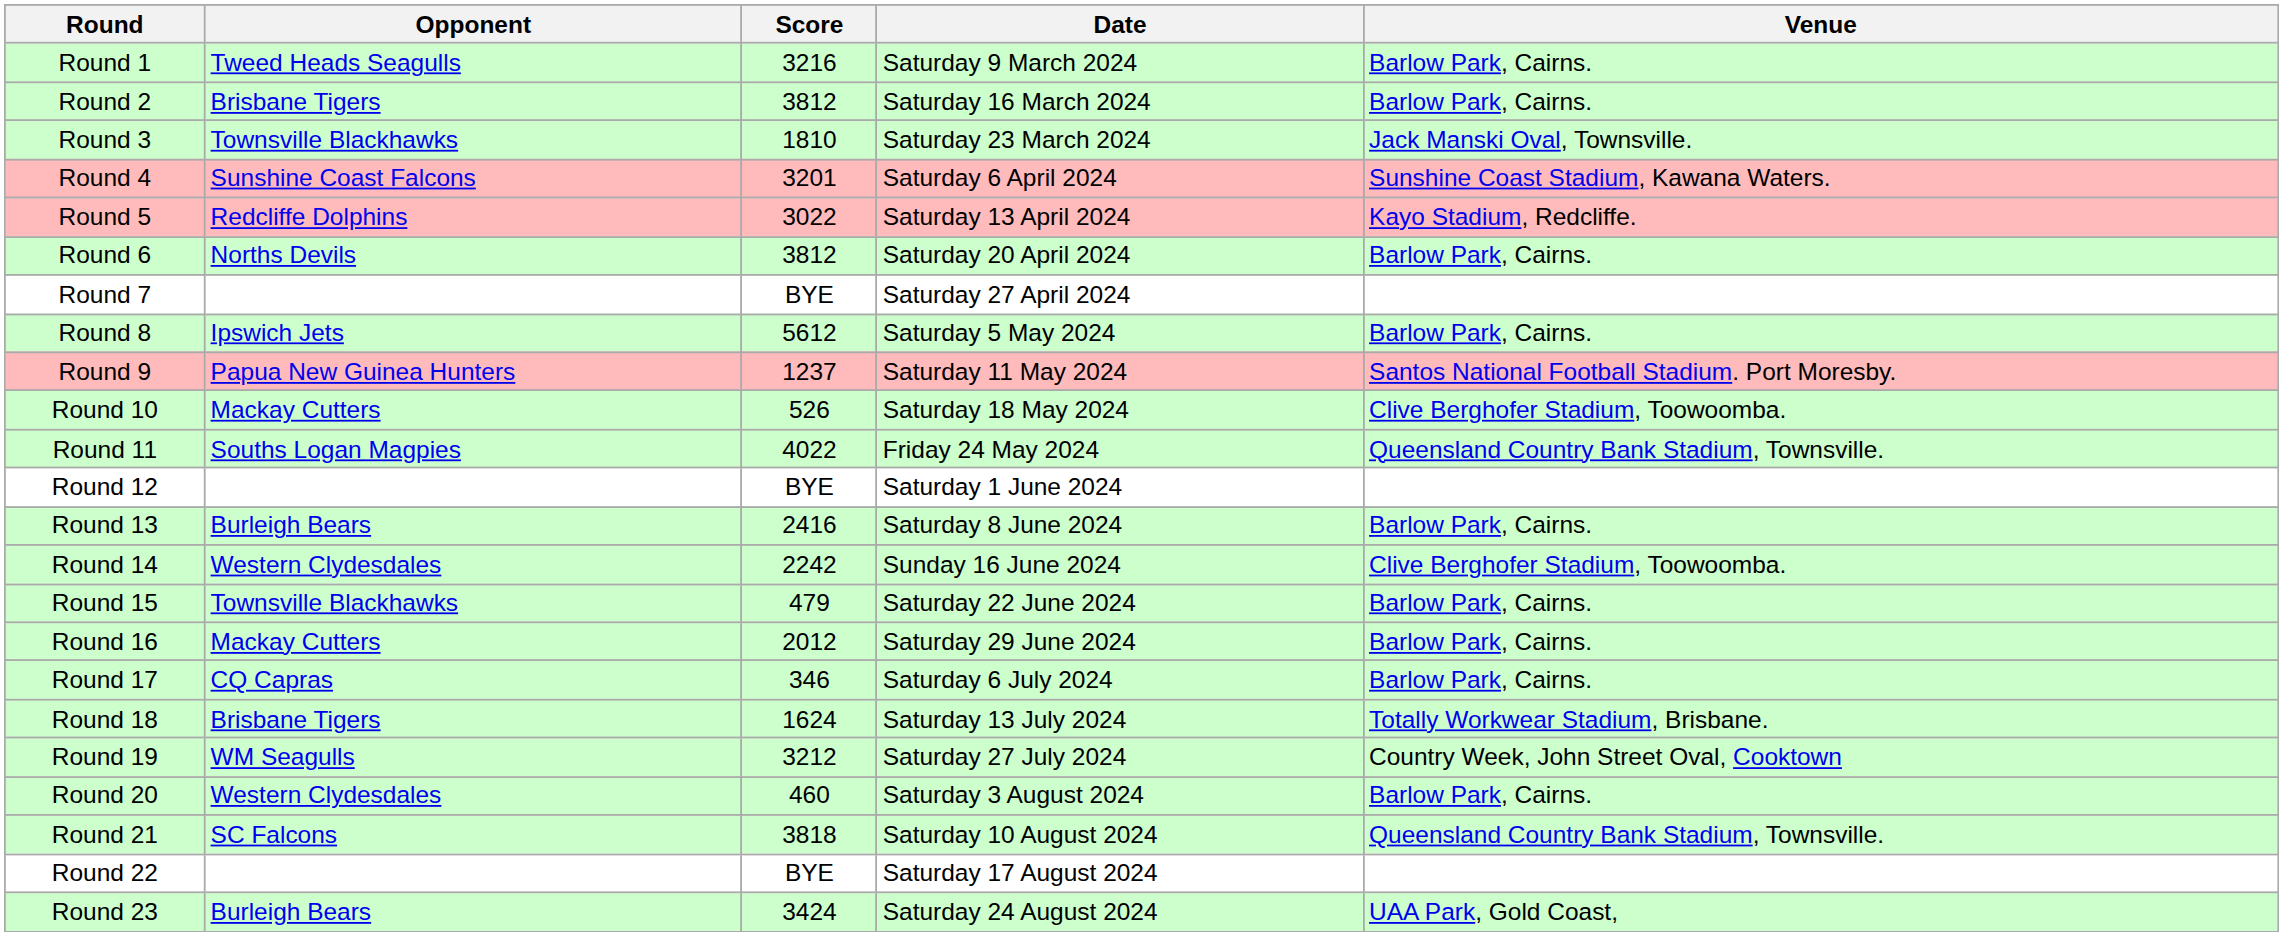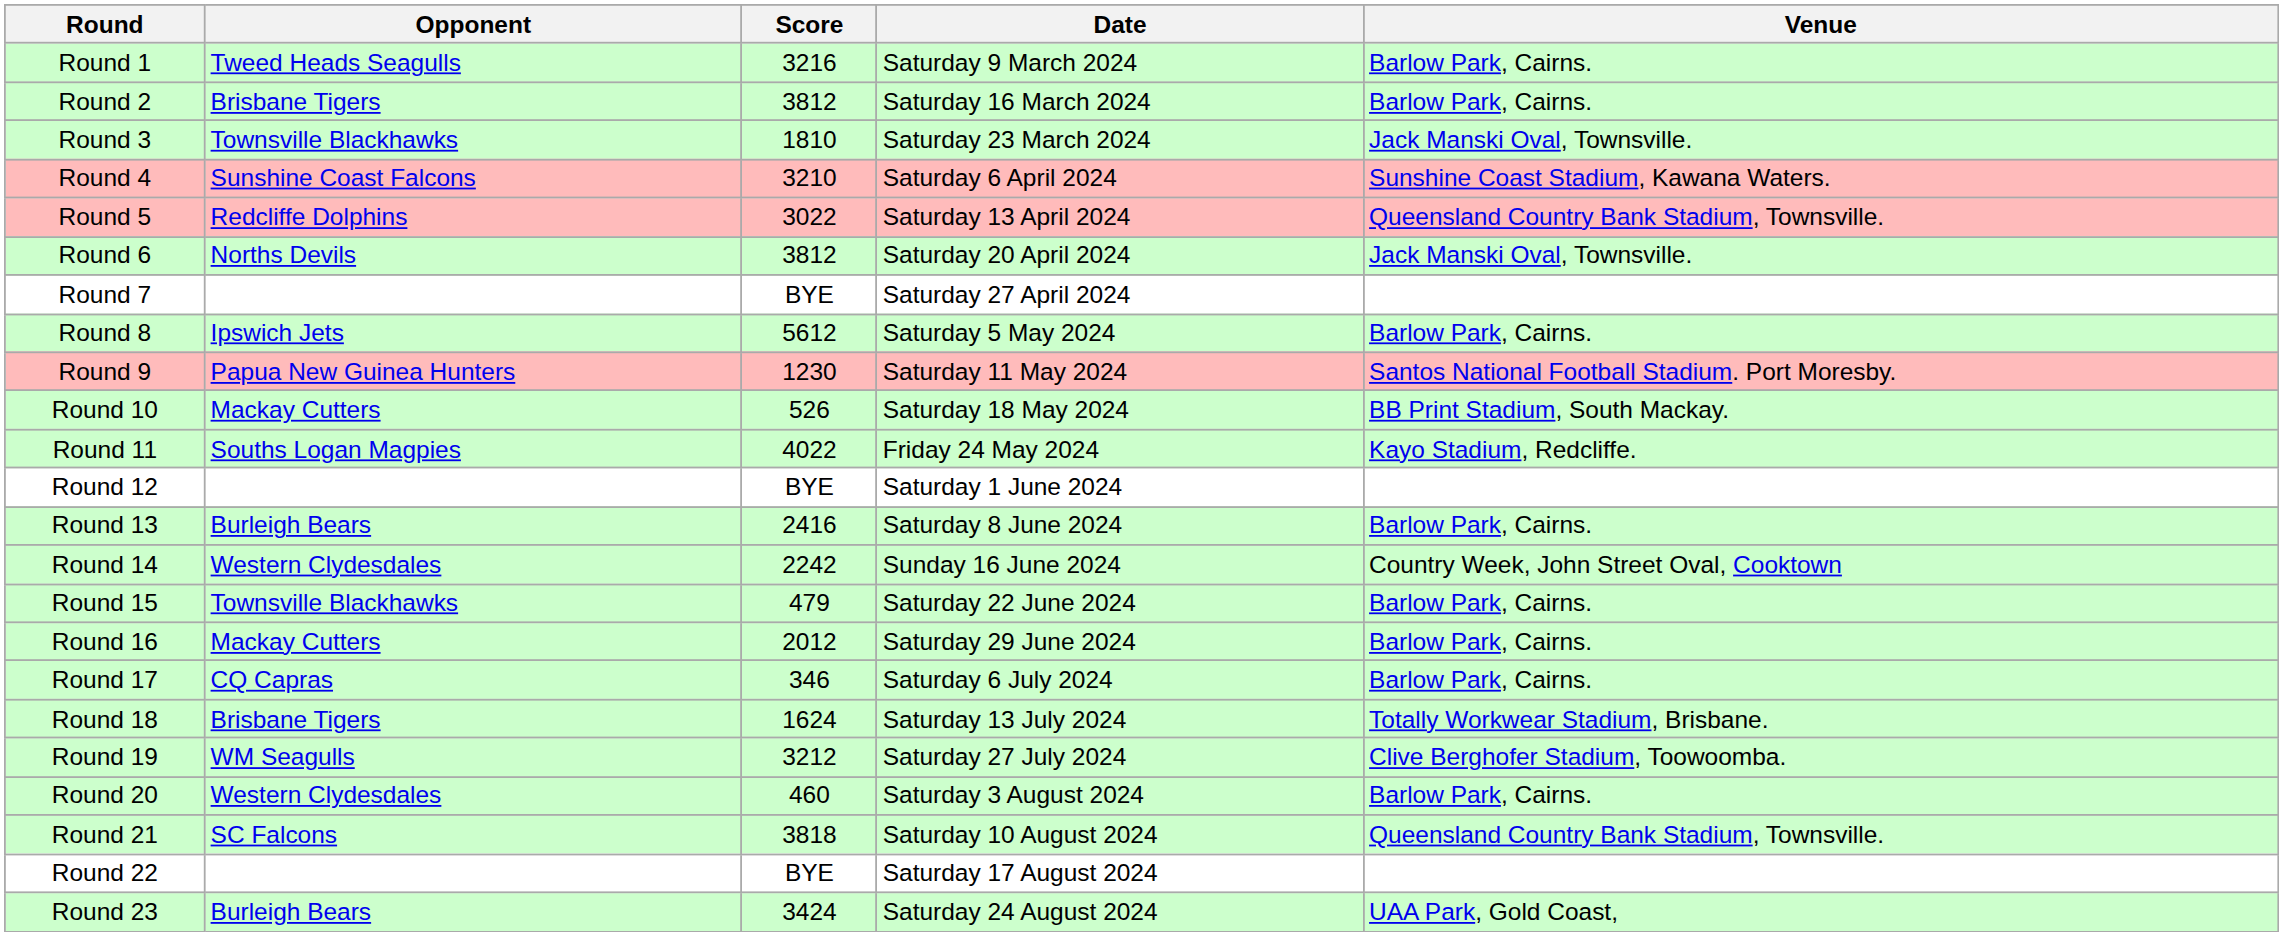 <table class="wikitable" style="font-size:85%; bgcolor:#d6d6d6; width:100%;">
 <tr>
 <th width="">Round</th>
 <th width="">Opponent</th>
 <th width="">Score</th>
 <th width="">Date</th>
 <th width="">Venue</th>
 </tr>
 <tr bgcolor=#CCFFCC>
 <td style="text-align:center;">Round 1</td>
 <td> <a href='#'>Tweed Heads Seagulls</a></td>
 <td style="text-align:center;">3216</td>
 <td>Saturday 9 March 2024</td>
 <td><a href='#'>Barlow Park</a>, Cairns.</td>
 </tr>
 <tr bgcolor=#CCFFCC>
 <td style="text-align:center;">Round 2</td>
 <td> <a href='#'>Brisbane Tigers</a></td>
 <td style="text-align:center;">3812</td>
 <td>Saturday 16 March 2024</td>
 <td><a href='#'>Barlow Park</a>, Cairns.</td>
 </tr>
 <tr bgcolor=#CCFFCC>
 <td style="text-align:center;">Round 3</td>
 <td> <a href='#'>Townsville Blackhawks</a></td>
 <td style="text-align:center;">1810</td>
 <td>Saturday 23 March 2024</td>
 <td><a href='#'>Jack Manski Oval</a>, Townsville.</td>
 </tr>
 <tr bgcolor=#FFBBBB>
 <td style="text-align:center;">Round 4</td>
 <td> <a href='#'>Sunshine Coast Falcons</a></td>
-<td style="text-align:center;">3201</td>
+<td style="text-align:center;">3210</td>
 <td>Saturday 6 April 2024</td>
 <td><a href='#'>Sunshine Coast Stadium</a>, Kawana Waters.</td>
 </tr>
 <tr bgcolor=#FFBBBB>
 <td style="text-align:center;">Round 5</td>
 <td> <a href='#'>Redcliffe Dolphins</a></td>
 <td style="text-align:center;">3022</td>
 <td>Saturday 13 April 2024</td>
-<td><a href='#'>Kayo Stadium</a>, Redcliffe.</td>
+<td><a href='#'>Queensland Country Bank Stadium</a>, Townsville.</td>
 </tr>
 <tr bgcolor=#CCFFCC>
 <td style="text-align:center;">Round 6</td>
 <td> <a href='#'>Norths Devils</a></td>
 <td style="text-align:center;">3812</td>
 <td>Saturday 20 April 2024</td>
-<td><a href='#'>Barlow Park</a>, Cairns.</td>
+<td><a href='#'>Jack Manski Oval</a>, Townsville.</td>
 </tr>
 <tr bgcolor=#FFFFFF>
 <td style="text-align:center;">Round 7</td>
 <td></td>
 <td style="text-align:center;">BYE</td>
 <td>Saturday 27 April 2024</td>
 <td></td>
 </tr>
 <tr bgcolor=#CCFFCC>
 <td style="text-align:center;">Round 8</td>
 <td> <a href='#'>Ipswich Jets</a></td>
 <td style="text-align:center;">5612</td>
 <td>Saturday 5 May 2024</td>
 <td><a href='#'>Barlow Park</a>, Cairns.</td>
 </tr>
 <tr bgcolor=#FFBBBB>
 <td style="text-align:center;">Round 9</td>
 <td> <a href='#'>Papua New Guinea Hunters</a></td>
-<td style="text-align:center;">1237</td>
+<td style="text-align:center;">1230</td>
 <td>Saturday 11 May 2024</td>
 <td><a href='#'>Santos National Football Stadium</a>. Port Moresby.</td>
 </tr>
 <tr bgcolor=#CCFFCC>
 <td style="text-align:center;">Round 10</td>
 <td> <a href='#'>Mackay Cutters</a></td>
 <td style="text-align:center;">526</td>
 <td>Saturday 18 May 2024</td>
-<td><a href='#'>Clive Berghofer Stadium</a>, Toowoomba.</td>
+<td><a href='#'>BB Print Stadium</a>, South Mackay.</td>
 </tr>
 <tr bgcolor=#CCFFCC>
 <td style="text-align:center;">Round 11</td>
 <td> <a href='#'>Souths Logan Magpies</a></td>
 <td style="text-align:center;">4022</td>
 <td>Friday 24 May 2024</td>
-<td><a href='#'>Queensland Country Bank Stadium</a>, Townsville.</td>
+<td><a href='#'>Kayo Stadium</a>, Redcliffe.</td>
 </tr>
 <tr bgcolor=#FFFFFF>
 <td style="text-align:center;">Round 12</td>
 <td></td>
 <td style="text-align:center;">BYE</td>
 <td>Saturday 1 June 2024</td>
 <td></td>
 </tr>
 <tr bgcolor=#CCFFCC>
 <td style="text-align:center;">Round 13</td>
 <td> <a href='#'>Burleigh Bears</a></td>
 <td style="text-align:center;">2416</td>
 <td>Saturday 8 June 2024</td>
 <td><a href='#'>Barlow Park</a>, Cairns.</td>
 </tr>
 <tr bgcolor=#CCFFCC>
 <td style="text-align:center;">Round 14</td>
 <td> <a href='#'>Western Clydesdales</a></td>
 <td style="text-align:center;">2242</td>
 <td>Sunday 16 June 2024</td>
-<td><a href='#'>Clive Berghofer Stadium</a>, Toowoomba.</td>
+<td>Country Week, John Street Oval, <a href='#'>Cooktown</a></td>
 </tr>
 <tr bgcolor=#CCFFCC>
 <td style="text-align:center;">Round 15</td>
 <td> <a href='#'>Townsville Blackhawks</a></td>
 <td style="text-align:center;">479</td>
 <td>Saturday 22 June 2024</td>
 <td><a href='#'>Barlow Park</a>, Cairns.</td>
 </tr>
 <tr bgcolor=#CCFFCC>
 <td style="text-align:center;">Round 16</td>
 <td> <a href='#'>Mackay Cutters</a></td>
 <td style="text-align:center;">2012</td>
 <td>Saturday 29 June 2024</td>
 <td><a href='#'>Barlow Park</a>, Cairns.</td>
 </tr>
 <tr bgcolor=#CCFFCC>
 <td style="text-align:center;">Round 17</td>
 <td> <a href='#'>CQ Capras</a></td>
 <td style="text-align:center;">346</td>
 <td>Saturday 6 July 2024</td>
 <td><a href='#'>Barlow Park</a>, Cairns.</td>
 </tr>
 <tr bgcolor=#CCFFCC>
 <td style="text-align:center;">Round 18</td>
 <td> <a href='#'>Brisbane Tigers</a></td>
 <td style="text-align:center;">1624</td>
 <td>Saturday 13 July 2024</td>
 <td><a href='#'>Totally Workwear Stadium</a>, Brisbane.</td>
 </tr>
 <tr bgcolor=#CCFFCC>
 <td style="text-align:center;">Round 19</td>
 <td> <a href='#'>WM Seagulls</a></td>
 <td style="text-align:center;">3212</td>
 <td>Saturday 27 July 2024</td>
-<td>Country Week, John Street Oval, <a href='#'>Cooktown</a></td>
+<td><a href='#'>Clive Berghofer Stadium</a>, Toowoomba.</td>
 </tr>
 <tr bgcolor=#CCFFCC>
 <td style="text-align:center;">Round 20</td>
 <td> <a href='#'>Western Clydesdales</a></td>
 <td style="text-align:center;">460</td>
 <td>Saturday 3 August 2024</td>
 <td><a href='#'>Barlow Park</a>, Cairns.</td>
 </tr>
 <tr bgcolor=#CCFFCC>
 <td style="text-align:center;">Round 21</td>
 <td> <a href='#'>SC Falcons</a></td>
 <td style="text-align:center;">3818</td>
 <td>Saturday 10 August 2024</td>
 <td><a href='#'>Queensland Country Bank Stadium</a>, Townsville.</td>
 </tr>
 <tr bgcolor=#FFFFFF>
 <td style="text-align:center;">Round 22</td>
 <td></td>
 <td style="text-align:center;">BYE</td>
 <td>Saturday 17 August 2024</td>
 <td></td>
 </tr>
 <tr bgcolor=#CCFFCC>
 <td style="text-align:center;">Round 23</td>
 <td> <a href='#'>Burleigh Bears</a></td>
 <td style="text-align:center;">3424</td>
 <td>Saturday 24 August 2024</td>
 <td><a href='#'>UAA Park</a>, Gold Coast,</td>
 </tr>
 </table>
